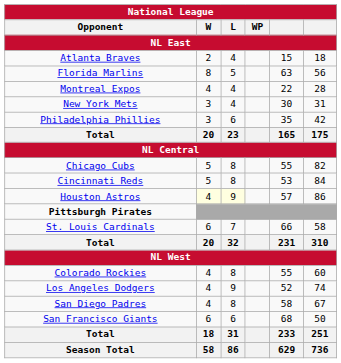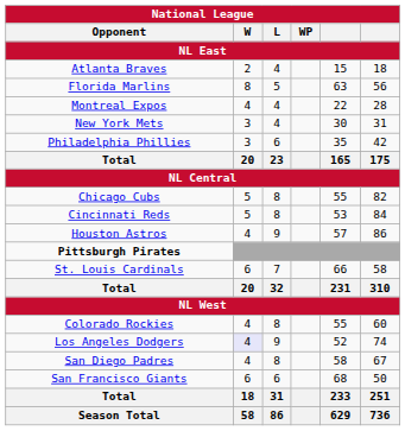 <table class="wikitable" style="font-size:95%; text-align:center; width:35em;margin:0.5em auto;">
 <tr>
 <th colspan="7" style="background:#c60c30; color:#ffffff;">National League</th>
 </tr>
 <tr>
 <th>Opponent</th>
 <th>W</th>
 <th>L</th>
 <th>WP</th>
 <th></th>
 <th></th>
 </tr>
 <tr>
 <th colspan="7" style="background:#c60c30; color:#ffffff;">NL East</th>
 </tr>
 <tr>
 <td><a href='#'>Atlanta Braves</a></td>
 <td>2</td>
 <td>4</td>
 <td></td>
 <td>15</td>
 <td>18</td>
 </tr>
 <tr>
 <td><a href='#'>Florida Marlins</a></td>
 <td>8</td>
 <td>5</td>
 <td></td>
 <td>63</td>
 <td>56</td>
 </tr>
 <tr>
 <td><a href='#'>Montreal Expos</a></td>
 <td>4</td>
 <td>4</td>
 <td></td>
 <td>22</td>
 <td>28</td>
 </tr>
 <tr>
 <td><a href='#'>New York Mets</a></td>
 <td>3</td>
 <td>4</td>
 <td></td>
 <td>30</td>
 <td>31</td>
 </tr>
 <tr>
 <td><a href='#'>Philadelphia Phillies</a></td>
 <td>3</td>
 <td>6</td>
 <td></td>
 <td>35</td>
 <td>42</td>
 </tr>
 <tr>
 <th>Total</th>
 <th>20</th>
 <th>23</th>
 <th></th>
 <th>165</th>
 <th>175</th>
 </tr>
 <tr>
 <th colspan="7" style="background:#c60c30; color:#ffffff;">NL Central</th>
 </tr>
 <tr>
 <td><a href='#'>Chicago Cubs</a></td>
 <td>5</td>
 <td>8</td>
 <td></td>
 <td>55</td>
 <td>82</td>
 </tr>
 <tr>
 <td><a href='#'>Cincinnati Reds</a></td>
 <td>5</td>
 <td>8</td>
 <td></td>
 <td>53</td>
 <td>84</td>
 </tr>
 <tr>
 <td><a href='#'>Houston Astros</a></td>
-<td style="background: lightyellow;">4</td>
-<td style="background: lightyellow;">9</td>
+<td>4</td>
+<td>9</td>
 <td></td>
 <td>57</td>
 <td>86</td>
 </tr>
 <tr>
 <td><strong>Pittsburgh Pirates</strong></td>
 <td colspan=5 style="background:darkgray;"></td>
 </tr>
 <tr>
 <td><a href='#'>St. Louis Cardinals</a></td>
 <td>6</td>
 <td>7</td>
 <td></td>
 <td>66</td>
 <td>58</td>
 </tr>
 <tr>
 <th>Total</th>
 <th>20</th>
 <th>32</th>
 <th></th>
 <th>231</th>
 <th>310</th>
 </tr>
 <tr>
 <th colspan="7" style="background:#c60c30; color:#ffffff;">NL West</th>
 </tr>
 <tr>
 <td><a href='#'>Colorado Rockies</a></td>
 <td>4</td>
 <td>8</td>
 <td></td>
 <td>55</td>
 <td>60</td>
 </tr>
 <tr>
 <td><a href='#'>Los Angeles Dodgers</a></td>
-<td>4</td>
+<td style="background: lavender;">4</td>
 <td>9</td>
 <td></td>
 <td>52</td>
 <td>74</td>
 </tr>
 <tr>
 <td><a href='#'>San Diego Padres</a></td>
 <td>4</td>
 <td>8</td>
 <td></td>
 <td>58</td>
 <td>67</td>
 </tr>
 <tr>
 <td><a href='#'>San Francisco Giants</a></td>
 <td>6</td>
 <td>6</td>
 <td></td>
 <td>68</td>
 <td>50</td>
 </tr>
 <tr>
 <th>Total</th>
 <th>18</th>
 <th>31</th>
 <th></th>
 <th>233</th>
 <th>251</th>
 </tr>
 <tr>
 <th>Season Total</th>
 <th>58</th>
 <th>86</th>
 <th></th>
 <th>629</th>
 <th>736</th>
 </tr>
 </table>
